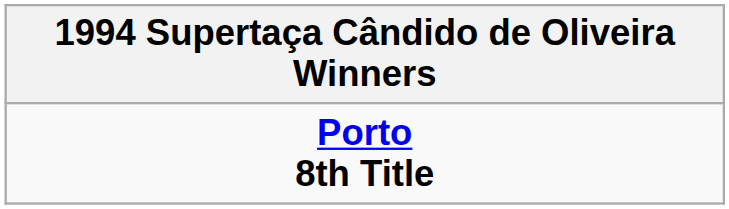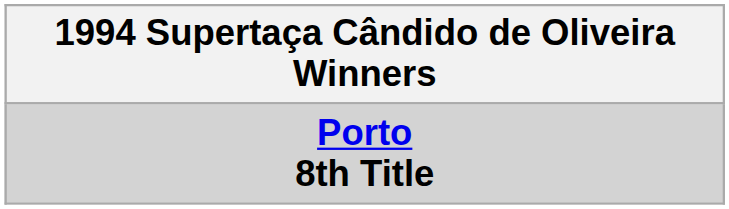 <table class="wikitable" style="text-align: center; margin: 0 auto; width: 20%">
 <tr>
 <th>1994 Supertaça Cândido de Oliveira Winners</th>
 </tr>
 <tr>
-<td><strong><a href='#'>Porto</a></strong><br><strong>8th Title</strong></td>
+<td style="background: lightgrey;"><strong><a href='#'>Porto</a></strong><br><strong>8th Title</strong></td>
 </tr>
 </table>
